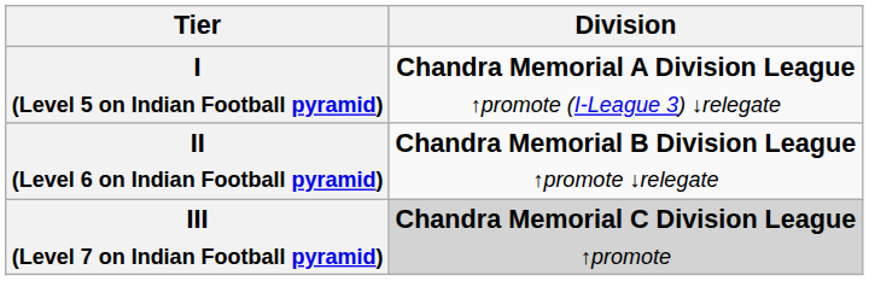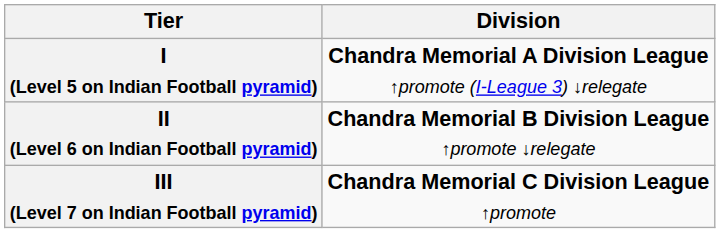 <table class="wikitable" style="text-align:center;">
 <tr>
 <th>Tier</th>
 <th>Division</th>
 </tr>
 <tr>
 <th>I<br><sub>(Level 5 on Indian Football <a href='#'>pyramid</a>)</sub></th>
 <td><strong>Chandra Memorial A Division League</strong><br><em><sub>↑promote (<a href='#'>I-League 3</a>) ↓relegate</sub></em></td>
 </tr>
 <tr>
 <th>II<br><sub>(Level 6 on Indian Football <a href='#'>pyramid</a>)</sub></th>
 <td><strong>Chandra Memorial B Division League</strong><br><em><sub>↑promote ↓relegate</sub></em></td>
 </tr>
 <tr>
 <th>III<br><sub>(Level 7 on Indian Football <a href='#'>pyramid</a>)</sub></th>
-<td style="background: lightgrey;"><strong>Chandra Memorial C Division League</strong><br><em><sub>↑promote</sub></em></td>
+<td><strong>Chandra Memorial C Division League</strong><br><em><sub>↑promote</sub></em></td>
 </tr>
 </table>
